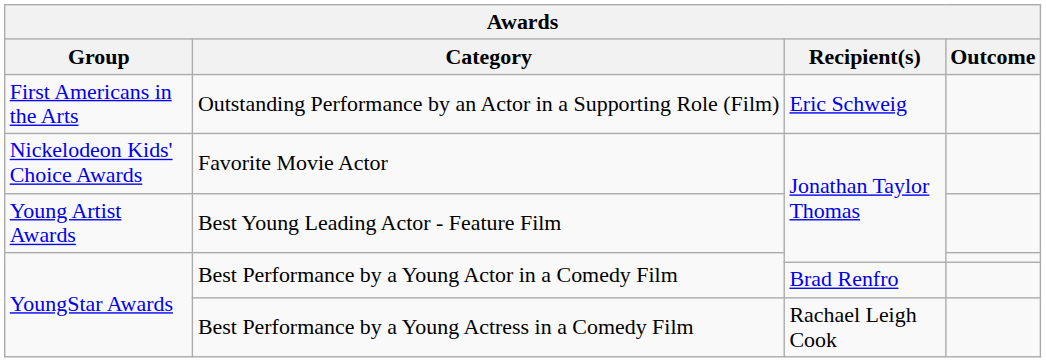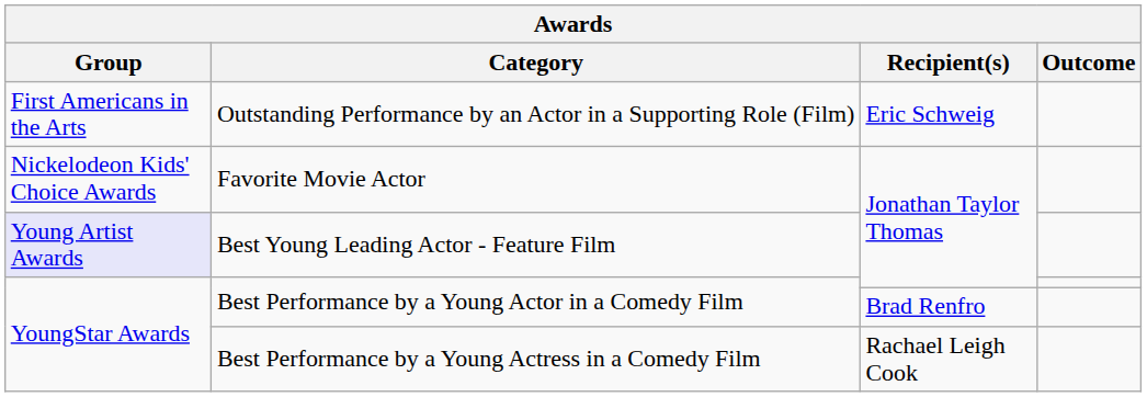 <table class="wikitable">
 <tr>
 <th colspan="4">Awards</th>
 </tr>
 <tr>
 <th width=130>Group</th>
 <th>Category</th>
 <th width=110>Recipient(s)</th>
 <th>Outcome</th>
 </tr>
 <tr>
 <td><a href='#'>First Americans in the Arts</a></td>
 <td>Outstanding Performance by an Actor in a Supporting Role (Film)</td>
 <td><a href='#'>Eric Schweig</a></td>
 <td></td>
 </tr>
 <tr>
 <td><a href='#'>Nickelodeon Kids' Choice Awards</a></td>
 <td>Favorite Movie Actor</td>
 <td rowspan="3"><a href='#'>Jonathan Taylor Thomas</a></td>
 <td></td>
 </tr>
 <tr>
-<td><a href='#'>Young Artist Awards</a></td>
+<td style="background: lavender;"><a href='#'>Young Artist Awards</a></td>
 <td>Best Young Leading Actor - Feature Film</td>
 <td></td>
 </tr>
 <tr>
 <td rowspan="3"><a href='#'>YoungStar Awards</a></td>
 <td rowspan="2">Best Performance by a Young Actor in a Comedy Film</td>
 <td></td>
 </tr>
 <tr>
 <td><a href='#'>Brad Renfro</a></td>
 <td></td>
 </tr>
 <tr>
 <td>Best Performance by a Young Actress in a Comedy Film</td>
 <td>Rachael Leigh Cook</td>
 <td></td>
 </tr>
 </table>
